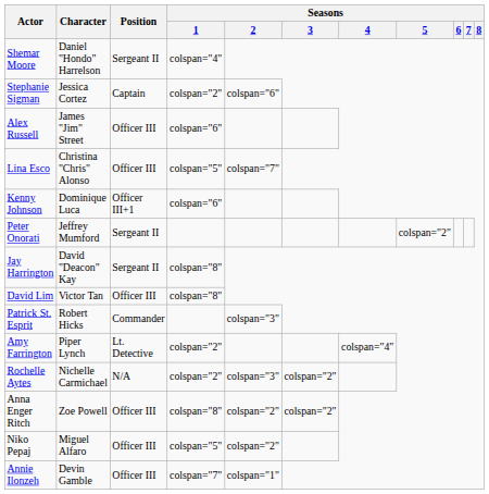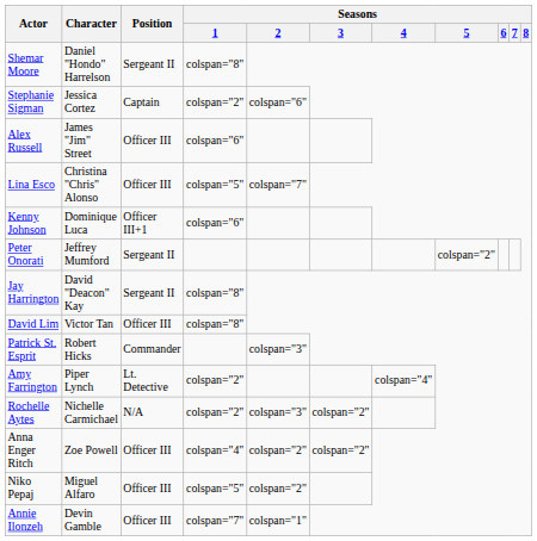 <table class="wikitable" style="width:100%;">
 <tr>
 <th rowspan="2" style="width:10%;">Actor</th>
 <th ! rowspan="2" style="width:10%;">Character</th>
 <th ! rowspan="2" style="width:10%;">Position</th>
 <th ! colspan="8">Seasons</th>
 </tr>
 <tr>
 <th scope="col" style="width:5%;"><a href='#'>1</a></th>
 <th scope="col" style="width:5%;"><a href='#'>2</a></th>
 <th scope="col" style="width:5%;"><a href='#'>3</a></th>
 <th scope="col" style="width:5%;"><a href='#'>4</a></th>
 <th scope="col" style="width:5%;"><a href='#'>5</a></th>
 <th scope="col" style="width:5%;"><a href='#'>6</a></th>
 <th scope="col" style="width:5%;"><a href='#'>7</a></th>
 <th scope="col" style="width:5%;"><a href='#'>8</a></th>
 </tr>
 <tr>
 <td><a href='#'>Shemar Moore</a></td>
 <td>Daniel "Hondo" Harrelson</td>
 <td>Sergeant II</td>
-<td>colspan="4" </td>
+<td>colspan="8" </td>
 </tr>
 <tr>
 <td><a href='#'>Stephanie Sigman</a></td>
 <td>Jessica Cortez</td>
 <td>Captain</td>
 <td>colspan="2" </td>
 <td>colspan="6" </td>
 </tr>
 <tr>
 <td><a href='#'>Alex Russell</a></td>
 <td>James "Jim" Street</td>
 <td>Officer III</td>
 <td>colspan="6" </td>
 <td></td>
 <td></td>
 </tr>
 <tr>
 <td><a href='#'>Lina Esco</a></td>
 <td>Christina "Chris" Alonso</td>
 <td>Officer III</td>
 <td>colspan="5" </td>
 <td>colspan="7" </td>
 </tr>
 <tr>
 <td><a href='#'>Kenny Johnson</a></td>
 <td>Dominique Luca</td>
 <td>Officer III+1</td>
 <td>colspan="6" </td>
 <td></td>
 <td></td>
 </tr>
 <tr>
 <td><a href='#'>Peter Onorati</a></td>
 <td>Jeffrey Mumford</td>
 <td>Sergeant II</td>
 <td></td>
 <td></td>
 <td></td>
 <td></td>
 <td>colspan="2" </td>
 <td></td>
 <td></td>
 </tr>
 <tr>
 <td><a href='#'>Jay Harrington</a></td>
 <td>David "Deacon" Kay</td>
 <td>Sergeant II</td>
 <td>colspan="8" </td>
 </tr>
 <tr>
 <td><a href='#'>David Lim</a></td>
 <td>Victor Tan</td>
 <td>Officer III</td>
 <td>colspan="8" </td>
 </tr>
 <tr>
 <td><a href='#'>Patrick St. Esprit</a></td>
 <td>Robert Hicks</td>
 <td>Commander</td>
 <td></td>
 <td>colspan="3" </td>
 </tr>
 <tr>
 <td><a href='#'>Amy Farrington</a></td>
 <td>Piper Lynch</td>
 <td>Lt. Detective</td>
 <td>colspan="2" </td>
 <td></td>
 <td></td>
 <td>colspan="4" </td>
 </tr>
 <tr>
 <td><a href='#'>Rochelle Aytes</a></td>
 <td>Nichelle Carmichael</td>
 <td>N/A</td>
 <td>colspan="2" </td>
 <td>colspan="3" </td>
 <td>colspan="2" </td>
 <td></td>
 </tr>
 <tr>
 <td>Anna Enger Ritch</td>
 <td>Zoe Powell</td>
 <td>Officer III</td>
-<td>colspan="8" </td>
+<td>colspan="4" </td>
 <td>colspan="2" </td>
 <td>colspan="2" </td>
 </tr>
 <tr>
 <td>Niko Pepaj</td>
 <td>Miguel Alfaro</td>
 <td>Officer III</td>
 <td>colspan="5" </td>
 <td>colspan="2" </td>
 <td></td>
 </tr>
 <tr>
 <td><a href='#'>Annie Ilonzeh</a></td>
 <td>Devin Gamble</td>
 <td>Officer III</td>
 <td>colspan="7" </td>
 <td>colspan="1" </td>
 </tr>
 </table>
